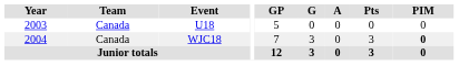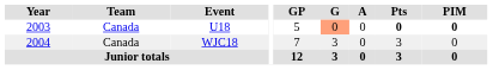 <table border="0" cellpadding="1" cellspacing="0" ID="Table3" style="text-align:center; width:40em">
 <tr ALIGN="center" bgcolor="#e0e0e0">
 <th>Year</th>
 <th>Team</th>
 <th>Event</th>
 <th rowspan="99" bgcolor="#ffffff"></th>
 <th>GP</th>
 <th>G</th>
 <th>A</th>
 <th>Pts</th>
 <th>PIM</th>
 </tr>
 <tr>
 <td><a href='#'>2003</a></td>
 <td><a href='#'>Canada</a></td>
 <td><a href='#'>U18</a></td>
 <td>5</td>
+<td style="background: lightsalmon;">0</td>
 <td>0</td>
-<td>0</td>
-<td>0</td>
-<td>0</td>
+<td><strong>0</strong></td>
+<td><strong>0</strong></td>
 </tr>
 <tr bgcolor="#f0f0f0">
 <td><a href='#'>2004</a></td>
 <td>Canada</td>
 <td><a href='#'>WJC18</a></td>
 <td>7</td>
 <td>3</td>
 <td>0</td>
 <td>3</td>
-<td><strong>0</strong></td>
+<td>0</td>
 </tr>
 <tr bgcolor="#e0e0e0">
 <th colspan="3">Junior totals</th>
 <th>12</th>
 <th>3</th>
 <th>0</th>
 <th>3</th>
 <th>0</th>
 </tr>
 </table>
